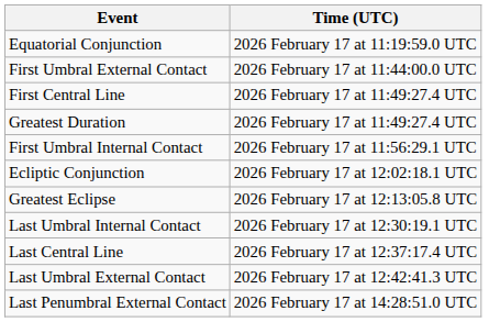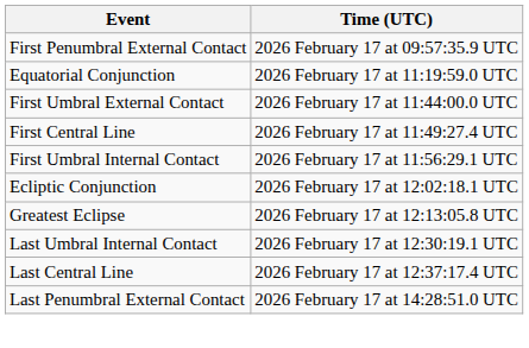 <table class="wikitable">
 <tr>
 <th>Event</th>
 <th>Time (UTC)</th>
+</tr>
+<tr>
+<td>First Penumbral External Contact</td>
+<td>2026 February 17 at 09:57:35.9 UTC</td>
 </tr>
 <tr>
 <td>Equatorial Conjunction</td>
 <td>2026 February 17 at 11:19:59.0 UTC</td>
 </tr>
 <tr>
 <td>First Umbral External Contact</td>
 <td>2026 February 17 at 11:44:00.0 UTC</td>
 </tr>
 <tr>
 <td>First Central Line</td>
-<td>2026 February 17 at 11:49:27.4 UTC</td>
-</tr>
-<tr>
-<td>Greatest Duration</td>
 <td>2026 February 17 at 11:49:27.4 UTC</td>
 </tr>
 <tr>
 <td>First Umbral Internal Contact</td>
 <td>2026 February 17 at 11:56:29.1 UTC</td>
 </tr>
 <tr>
 <td>Ecliptic Conjunction</td>
 <td>2026 February 17 at 12:02:18.1 UTC</td>
 </tr>
 <tr>
 <td>Greatest Eclipse</td>
 <td>2026 February 17 at 12:13:05.8 UTC</td>
 </tr>
 <tr>
 <td>Last Umbral Internal Contact</td>
 <td>2026 February 17 at 12:30:19.1 UTC</td>
 </tr>
 <tr>
 <td>Last Central Line</td>
 <td>2026 February 17 at 12:37:17.4 UTC</td>
 </tr>
 <tr>
-<td>Last Umbral External Contact</td>
-<td>2026 February 17 at 12:42:41.3 UTC</td>
-</tr>
-<tr>
 <td>Last Penumbral External Contact</td>
 <td>2026 February 17 at 14:28:51.0 UTC</td>
 </tr>
 </table>
